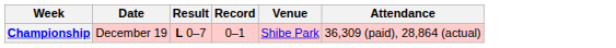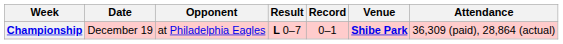 <table class="wikitable" style="text-align:center">
 <tr>
 <th>Week</th>
 <th>Date</th>
+<th>Opponent</th>
 <th>Result</th>
 <th>Record</th>
 <th>Venue</th>
 <th>Attendance</th>
 </tr>
 <tr style="background:#fcc">
 <th><a href='#'>Championship</a></th>
 <td>December 19</td>
+<td>at <a href='#'>Philadelphia Eagles</a></td>
 <td><strong>L</strong> 0–7</td>
 <td>0–1</td>
-<td><a href='#'>Shibe Park</a></td>
+<td><strong><a href='#'>Shibe Park</a></strong></td>
 <td>36,309 (paid), 28,864 (actual)</td>
 </tr>
 </table>
